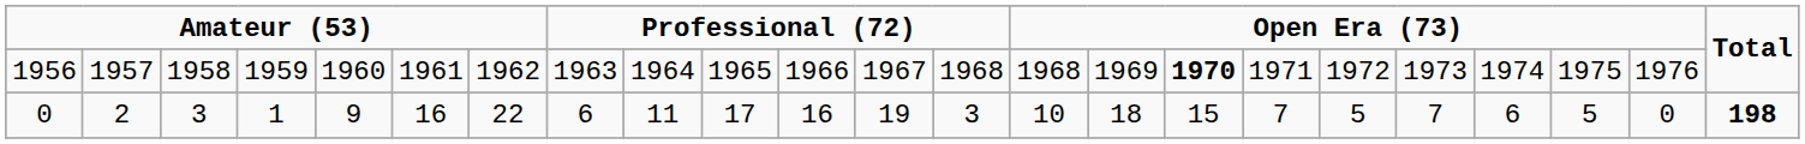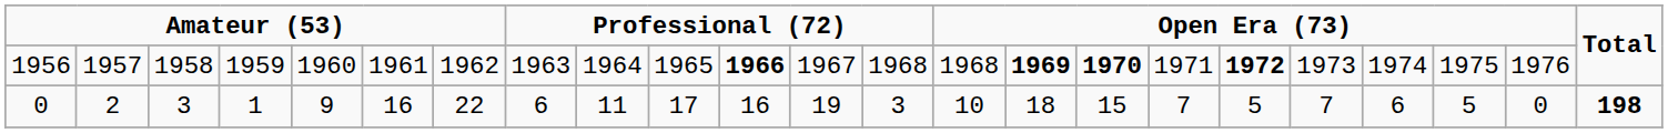 <table class="wikitable" style=text-align:center;font-size:100%>
 <tr>
 <td colspan="7"  align="center"><strong>Amateur (53)</strong></td>
 <td colspan="6" align="center"><strong>Professional (72)</strong></td>
 <td colspan="9" align="center"><strong>Open Era (73)</strong></td>
 <td rowspan="2" align="center"><strong>Total</strong></td>
 </tr>
 <tr>
 <td>1956</td>
 <td>1957</td>
 <td>1958</td>
 <td>1959</td>
 <td>1960</td>
 <td>1961</td>
 <td>1962</td>
 <td>1963</td>
 <td>1964</td>
 <td>1965</td>
-<td>1966</td>
+<td><strong>1966</strong></td>
 <td>1967</td>
 <td>1968</td>
 <td>1968</td>
-<td>1969</td>
+<td><strong>1969</strong></td>
 <td><strong>1970</strong></td>
 <td>1971</td>
-<td>1972</td>
+<td><strong>1972</strong></td>
 <td>1973</td>
 <td>1974</td>
 <td>1975</td>
 <td>1976</td>
 </tr>
 <tr>
 <td>0</td>
 <td>2</td>
 <td>3</td>
 <td>1</td>
 <td>9</td>
 <td>16</td>
 <td>22</td>
 <td>6</td>
 <td>11</td>
 <td>17</td>
 <td>16</td>
 <td>19</td>
 <td>3</td>
 <td>10</td>
 <td>18</td>
 <td>15</td>
 <td>7</td>
 <td>5</td>
 <td>7</td>
 <td>6</td>
 <td>5</td>
 <td>0</td>
 <td><strong>198</strong></td>
 </tr>
 </table>
